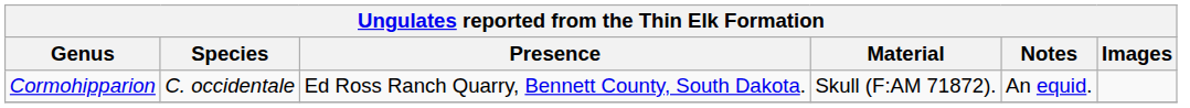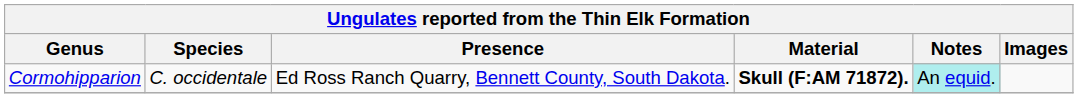 <table class="wikitable" align="center">
 <tr>
 <th colspan="6" align="center"><strong><a href='#'>Ungulates</a> reported from the Thin Elk Formation</strong></th>
 </tr>
 <tr>
 <th>Genus</th>
 <th>Species</th>
 <th>Presence</th>
 <th><strong>Material</strong></th>
 <th>Notes</th>
 <th>Images</th>
 </tr>
 <tr>
 <td><em><a href='#'>Cormohipparion</a></em></td>
 <td><em>C. occidentale</em></td>
 <td>Ed Ross Ranch Quarry, <a href='#'>Bennett County, South Dakota</a>.</td>
-<td>Skull (F:AM 71872).</td>
-<td>An <a href='#'>equid</a>.</td>
+<td><strong>Skull (F:AM 71872).</strong></td>
+<td style="background: paleturquoise;">An <a href='#'>equid</a>.</td>
 <td></td>
 </tr>
 <tr>
 </tr>
 </table>
